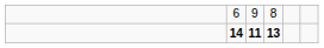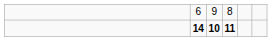 <table class="wikitable">
 <tr>
 <td style="width:18em"></td>
 <td align=center style="width:1em">6</td>
 <td align=center style="width:1em">9</td>
 <td align=center style="width:1em">8</td>
 <td align=center style="width:1em"></td>
 <td align=center style="width:1em"></td>
 </tr>
 <tr>
 <td style="width:18em"><strong></strong></td>
 <td align=center style="width:1em"><strong>14</strong></td>
+<td align=center style="width:1em"><strong>10</strong></td>
 <td align=center style="width:1em"><strong>11</strong></td>
-<td align=center style="width:1em"><strong>13</strong></td>
 <td align=center style="width:1em"></td>
 <td align=center style="width:1em"></td>
 </tr>
 </table>
